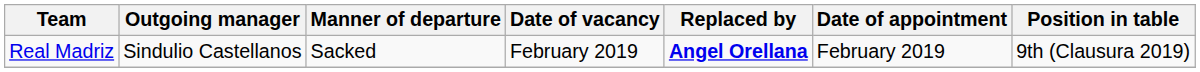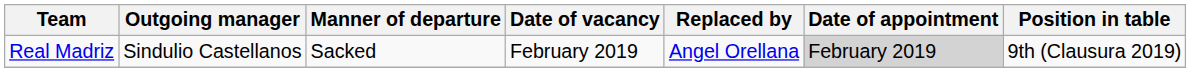 <table class="wikitable">
 <tr>
 <th>Team</th>
 <th>Outgoing manager</th>
 <th>Manner of departure</th>
 <th>Date of vacancy</th>
 <th>Replaced by</th>
 <th>Date of appointment</th>
 <th>Position in table</th>
 </tr>
 <tr>
 <td><a href='#'>Real Madriz</a></td>
 <td> Sindulio Castellanos</td>
 <td>Sacked</td>
 <td>February 2019</td>
-<td><strong> <a href='#'>Angel Orellana</a></strong></td>
-<td>February 2019</td>
+<td> <a href='#'>Angel Orellana</a></td>
+<td style="background: lightgrey;">February 2019</td>
 <td>9th (Clausura 2019)</td>
 </tr>
 <tr>
 </tr>
 </table>
